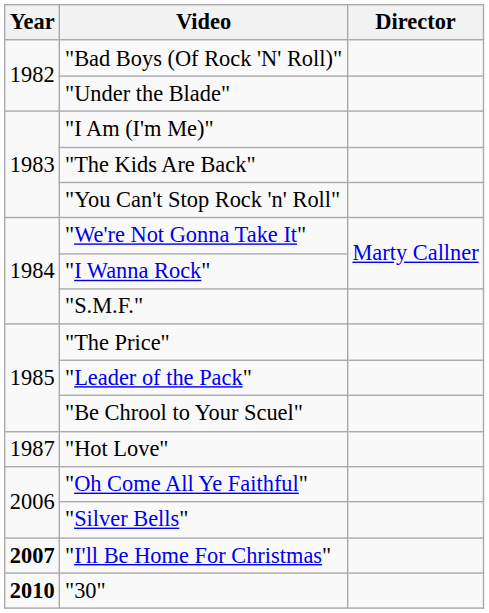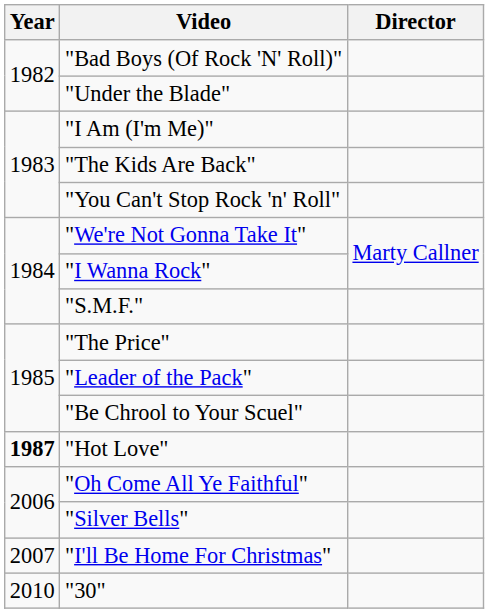 <table class="wikitable">
 <tr>
 <th>Year</th>
 <th>Video</th>
 <th>Director</th>
 </tr>
 <tr>
 <td rowspan="2">1982</td>
 <td>"Bad Boys (Of Rock 'N' Roll)"</td>
 <td></td>
 </tr>
 <tr>
 <td>"Under the Blade"</td>
 <td></td>
 </tr>
 <tr>
 <td rowspan="3">1983</td>
 <td>"I Am (I'm Me)"</td>
 <td></td>
 </tr>
 <tr>
 <td>"The Kids Are Back"</td>
 <td></td>
 </tr>
 <tr>
 <td>"You Can't Stop Rock 'n' Roll"</td>
 <td></td>
 </tr>
 <tr>
 <td rowspan="3">1984</td>
 <td>"<a href='#'>We're Not Gonna Take It</a>"</td>
 <td rowspan="2"><a href='#'>Marty Callner</a></td>
 </tr>
 <tr>
 <td>"<a href='#'>I Wanna Rock</a>"</td>
 </tr>
 <tr>
 <td>"S.M.F."</td>
 <td></td>
 </tr>
 <tr>
 <td rowspan="3">1985</td>
 <td>"The Price"</td>
 <td></td>
 </tr>
 <tr>
 <td>"<a href='#'>Leader of the Pack</a>"</td>
 <td></td>
 </tr>
 <tr>
 <td>"Be Chrool to Your Scuel"</td>
 <td></td>
 </tr>
 <tr>
-<td>1987</td>
+<td><strong>1987</strong></td>
 <td>"Hot Love"</td>
 <td></td>
 </tr>
 <tr>
 <td rowspan="2">2006</td>
 <td>"<a href='#'>Oh Come All Ye Faithful</a>"</td>
 <td></td>
 </tr>
 <tr>
 <td>"<a href='#'>Silver Bells</a>"</td>
 <td></td>
 </tr>
 <tr>
-<td><strong>2007</strong></td>
+<td>2007</td>
 <td>"<a href='#'>I'll Be Home For Christmas</a>"</td>
 <td></td>
 </tr>
 <tr>
-<td><strong>2010</strong></td>
+<td>2010</td>
 <td>"30"</td>
 <td></td>
 </tr>
 </table>
